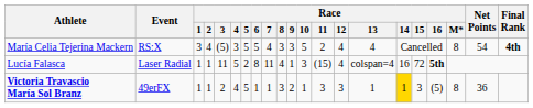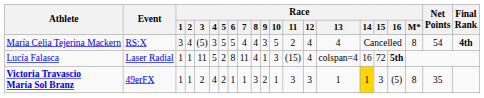 <table class="wikitable" style="font-size:90%">
 <tr>
 <th rowspan=2>Athlete</th>
 <th rowspan=2>Event</th>
 <th colspan=17>Race</th>
 <th rowspan=2>Net<br>Points</th>
 <th rowspan=2>Final<br>Rank</th>
 </tr>
 <tr style="font-size:95%">
 <th>1</th>
 <th>2</th>
 <th>3</th>
 <th>4</th>
 <th>5</th>
 <th>6</th>
 <th>7</th>
 <th>8</th>
 <th>9</th>
 <th>10</th>
 <th>11</th>
 <th>12</th>
 <th>13</th>
 <th>14</th>
 <th>15</th>
 <th>16</th>
 <th>M*</th>
 </tr>
 <tr align=center>
 <td align=left><a href='#'>María Celia Tejerina Mackern</a></td>
 <td align=left><a href='#'>RS:X</a></td>
 <td>3</td>
 <td>4</td>
 <td>(5)</td>
 <td>3</td>
 <td>5</td>
 <td>5</td>
 <td>4</td>
-<td>3</td>
+<td>4</td>
 <td>3</td>
 <td>5</td>
 <td>2</td>
 <td>4</td>
 <td>4</td>
 <td colspan=3>Cancelled</td>
 <td>8</td>
 <td>54</td>
 <td><strong>4th</strong></td>
 </tr>
 <tr align=center>
 <td align=left><a href='#'>Lucía Falasca</a></td>
 <td align=left><a href='#'>Laser Radial</a></td>
 <td>1</td>
 <td>1</td>
 <td>11</td>
 <td>5</td>
 <td>2</td>
 <td>8</td>
 <td>11</td>
 <td>4</td>
 <td>1</td>
 <td>3</td>
 <td>(15)</td>
 <td>4</td>
 <td>colspan=4 </td>
 <td>16</td>
 <td>72</td>
 <td><strong>5th</strong></td>
 </tr>
 <tr align=center>
 <td align=left><strong><a href='#'>Victoria Travascio</a></strong><br><strong><a href='#'>María Sol Branz</a></strong></td>
 <td align=left><a href='#'>49erFX</a></td>
 <td>1</td>
 <td>1</td>
 <td>2</td>
 <td>4</td>
-<td>5</td>
+<td>2</td>
 <td>1</td>
 <td>1</td>
 <td>3</td>
 <td>2</td>
 <td>1</td>
 <td>3</td>
 <td>3</td>
 <td>1</td>
 <td style="background: gold;">1</td>
 <td>3</td>
 <td>(5)</td>
 <td>8</td>
-<td>36</td>
+<td>35</td>
 <td></td>
 </tr>
 </table>
